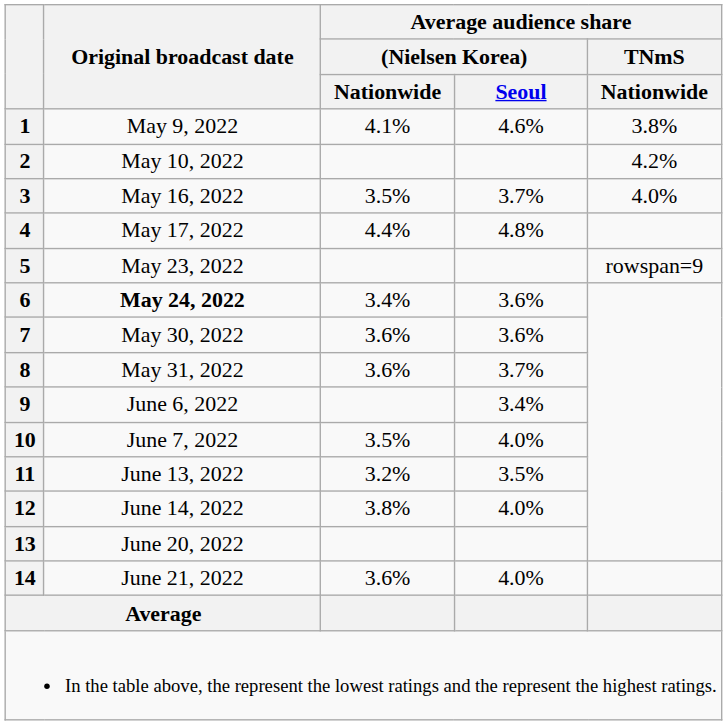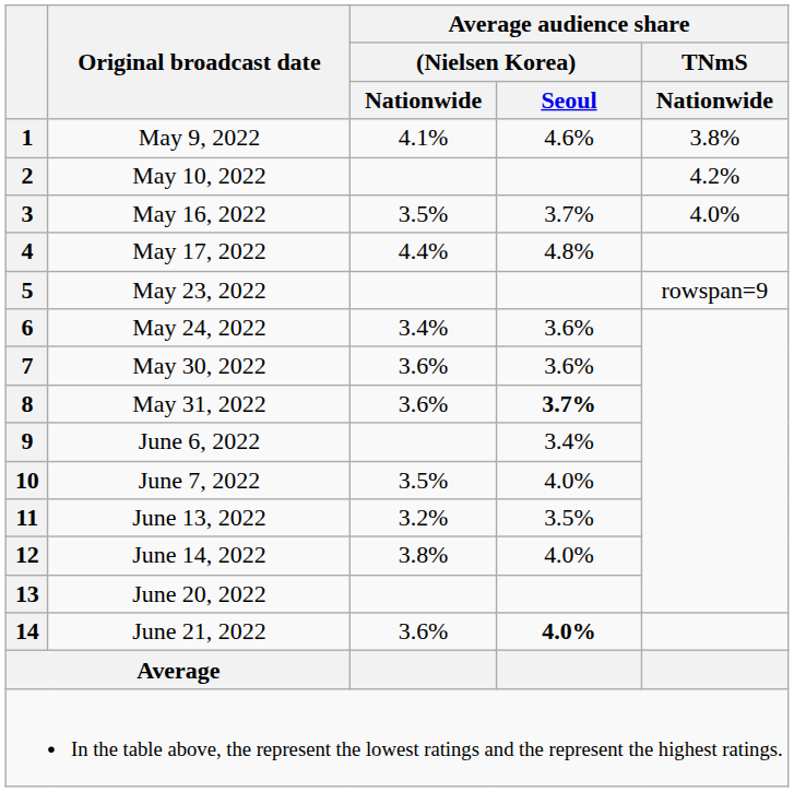 <table class="wikitable" style="margin-left:auto; margin-right:auto; text-align:center; max-width:550px">
 <tr>
 <th rowspan="3"></th>
 <th rowspan="3">Original broadcast date</th>
 <th colspan="3">Average audience share</th>
 </tr>
 <tr>
 <th colspan="2">(Nielsen Korea)</th>
 <th>TNmS</th>
 </tr>
 <tr>
 <th width="90">Nationwide</th>
 <th width="90"><a href='#'>Seoul</a></th>
 <th width="90">Nationwide</th>
 </tr>
 <tr>
 <th scope="col">1</th>
 <td>May 9, 2022</td>
 <td>4.1% </td>
 <td>4.6% </td>
 <td>3.8% </td>
 </tr>
 <tr>
 <th scope="col">2</th>
 <td>May 10, 2022</td>
 <td><strong></strong> </td>
 <td><strong></strong> </td>
 <td>4.2% </td>
 </tr>
 <tr>
 <th scope="col">3</th>
 <td>May 16, 2022</td>
 <td>3.5% </td>
 <td>3.7% </td>
 <td>4.0% </td>
 </tr>
 <tr>
 <th scope="col">4</th>
 <td>May 17, 2022</td>
 <td>4.4% </td>
 <td>4.8% </td>
 <td><strong></strong> </td>
 </tr>
 <tr>
 <th scope="col">5</th>
 <td>May 23, 2022</td>
 <td><strong></strong> </td>
 <td><strong></strong> </td>
 <td>rowspan=9 </td>
 </tr>
 <tr>
 <th scope="col">6</th>
-<td><strong>May 24, 2022</strong></td>
+<td>May 24, 2022</td>
 <td>3.4% </td>
 <td>3.6% </td>
 </tr>
 <tr>
 <th scope="col">7</th>
 <td>May 30, 2022</td>
 <td>3.6% </td>
 <td>3.6% </td>
 </tr>
 <tr>
 <th scope="col">8</th>
 <td>May 31, 2022</td>
 <td>3.6% </td>
-<td>3.7% </td>
+<td><strong>3.7% </strong></td>
 </tr>
 <tr>
 <th scope="col">9</th>
 <td>June 6, 2022</td>
 <td><strong></strong> </td>
 <td>3.4% </td>
 </tr>
 <tr>
 <th scope="col">10</th>
 <td>June 7, 2022</td>
 <td>3.5% </td>
 <td>4.0% </td>
 </tr>
 <tr>
 <th scope="col">11</th>
 <td>June 13, 2022</td>
 <td>3.2% </td>
 <td>3.5% </td>
 </tr>
 <tr>
 <th scope="col">12</th>
 <td>June 14, 2022</td>
 <td>3.8% </td>
 <td>4.0% </td>
 </tr>
 <tr>
 <th scope="col">13</th>
 <td>June 20, 2022</td>
 <td><strong></strong> </td>
 <td></td>
 </tr>
 <tr>
 <th scope="col">14</th>
 <td>June 21, 2022</td>
 <td>3.6% </td>
-<td>4.0% </td>
+<td><strong>4.0% </strong></td>
 <td><strong></strong> </td>
 </tr>
 <tr>
 <th scope="col" colspan="2">Average</th>
 <th scope="col"></th>
 <th scope="col"></th>
 <th scope="col"></th>
 </tr>
 <tr>
 <td colspan="5" style="font-size:85%"><br><ul><li>In the table above, the <strong></strong> represent the lowest ratings and the <strong></strong> represent the highest ratings.</li></ul></td>
 </tr>
 </table>
